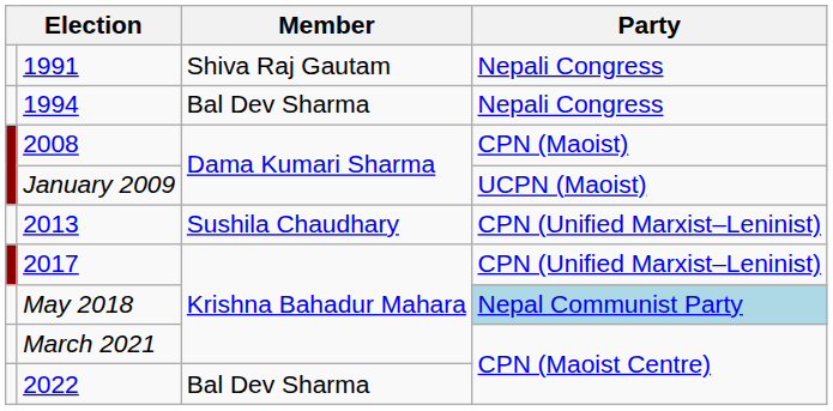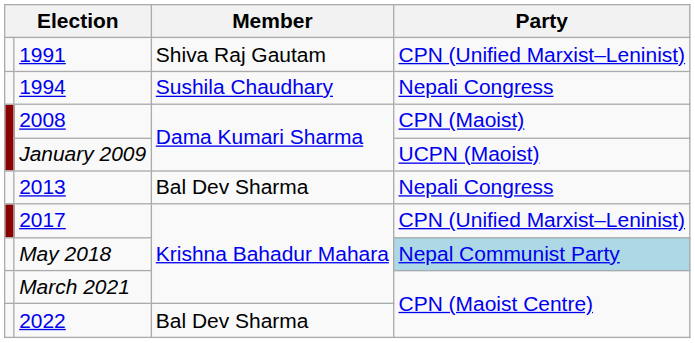 <table class="wikitable">
 <tr>
 <th colspan="2">Election</th>
 <th>Member</th>
 <th>Party</th>
 </tr>
 <tr>
 <td style="background-color:"></td>
 <td><a href='#'>1991</a></td>
 <td>Shiva Raj Gautam</td>
-<td><a href='#'>Nepali Congress</a></td>
+<td><a href='#'>CPN (Unified Marxist–Leninist)</a></td>
 </tr>
 <tr>
 <td style="background-color:"></td>
 <td><a href='#'>1994</a></td>
-<td>Bal Dev Sharma</td>
+<td><a href='#'>Sushila Chaudhary</a></td>
 <td><a href='#'>Nepali Congress</a></td>
 </tr>
 <tr>
 <td rowspan="2" style="background-color:darkred"></td>
 <td><a href='#'>2008</a></td>
 <td rowspan="2"><a href='#'>Dama Kumari Sharma</a></td>
 <td><a href='#'>CPN (Maoist)</a></td>
 </tr>
 <tr>
 <td><em>January 2009</em></td>
 <td><a href='#'>UCPN (Maoist)</a></td>
 </tr>
 <tr>
 <td style="background-color:"></td>
 <td><a href='#'>2013</a></td>
-<td><a href='#'>Sushila Chaudhary</a></td>
-<td><a href='#'>CPN (Unified Marxist–Leninist)</a></td>
+<td>Bal Dev Sharma</td>
+<td><a href='#'>Nepali Congress</a></td>
 </tr>
 <tr>
 <td style="background-color:darkred"></td>
 <td><a href='#'>2017</a></td>
 <td rowspan="3"><a href='#'>Krishna Bahadur Mahara</a></td>
 <td><a href='#'>CPN (Unified Marxist–Leninist)</a></td>
 </tr>
 <tr>
 <td style="background-color:"></td>
 <td><em>May 2018</em></td>
 <td style="background: lightblue;"><a href='#'>Nepal Communist Party</a></td>
 </tr>
 <tr>
 <td></td>
 <td><em>March 2021</em></td>
 <td rowspan="2"><a href='#'>CPN (Maoist Centre)</a></td>
 </tr>
 <tr>
 <td></td>
 <td><a href='#'>2022</a></td>
 <td>Bal Dev Sharma</td>
 </tr>
 </table>
